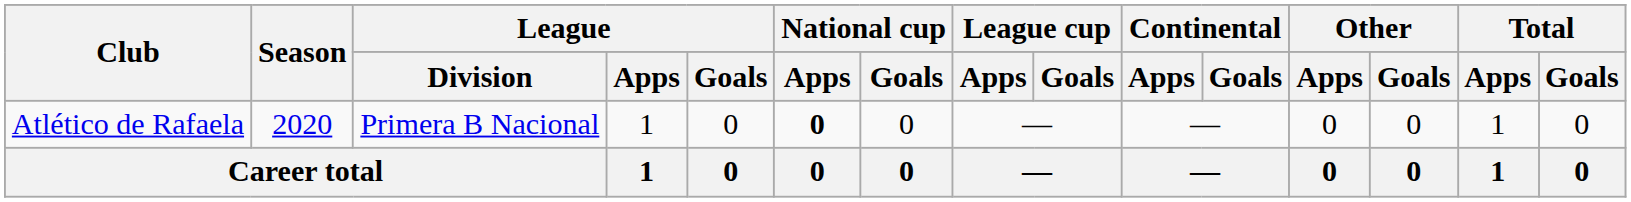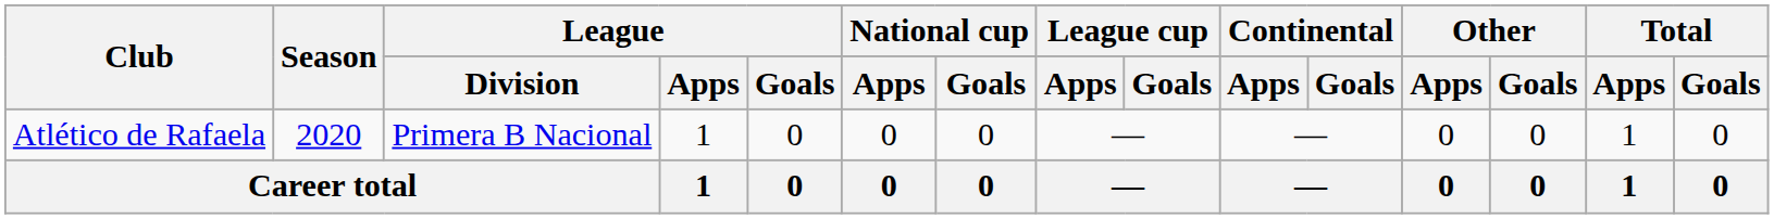 <table class="wikitable" style="text-align:center">
 <tr>
 <th rowspan="2">Club</th>
 <th rowspan="2">Season</th>
 <th colspan="3">League</th>
 <th colspan="2">National cup</th>
 <th colspan="2">League cup</th>
 <th colspan="2">Continental</th>
 <th colspan="2">Other</th>
 <th colspan="2">Total</th>
 </tr>
 <tr>
 <th>Division</th>
 <th>Apps</th>
 <th>Goals</th>
 <th>Apps</th>
 <th>Goals</th>
 <th>Apps</th>
 <th>Goals</th>
 <th>Apps</th>
 <th>Goals</th>
 <th>Apps</th>
 <th>Goals</th>
 <th>Apps</th>
 <th>Goals</th>
 </tr>
 <tr>
 <td><a href='#'>Atlético de Rafaela</a></td>
 <td><a href='#'>2020</a></td>
 <td><a href='#'>Primera B Nacional</a></td>
 <td>1</td>
 <td>0</td>
-<td><strong>0</strong></td>
+<td>0</td>
 <td>0</td>
 <td colspan="2">—</td>
 <td colspan="2">—</td>
 <td>0</td>
 <td>0</td>
 <td>1</td>
 <td>0</td>
 </tr>
 <tr>
 <th colspan="3">Career total</th>
 <th>1</th>
 <th>0</th>
 <th>0</th>
 <th>0</th>
 <th colspan="2">—</th>
 <th colspan="2">—</th>
 <th>0</th>
 <th>0</th>
 <th>1</th>
 <th>0</th>
 </tr>
 </table>
